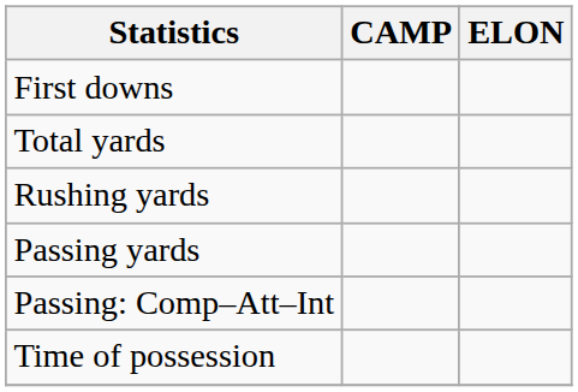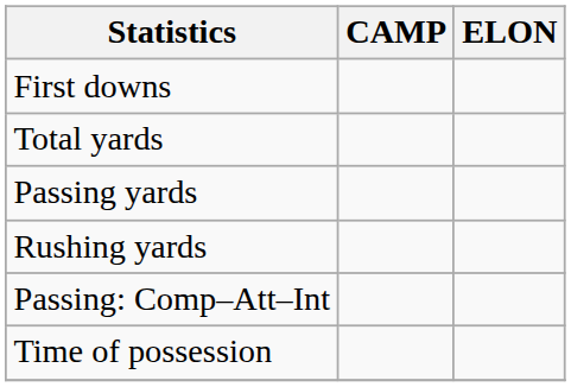 <table class="wikitable" style="float: left;">
 <tr>
 <th>Statistics</th>
 <th>CAMP</th>
 <th>ELON</th>
 </tr>
 <tr>
 <td>First downs</td>
 <td></td>
 <td></td>
 </tr>
 <tr>
 <td>Total yards</td>
 <td></td>
 <td></td>
 </tr>
 <tr>
-<td>Rushing yards</td>
+<td>Passing yards</td>
 <td></td>
 <td></td>
 </tr>
 <tr>
-<td>Passing yards</td>
+<td>Rushing yards</td>
 <td></td>
 <td></td>
 </tr>
 <tr>
 <td>Passing: Comp–Att–Int</td>
 <td></td>
 <td></td>
 </tr>
 <tr>
 <td>Time of possession</td>
 <td></td>
 <td></td>
 </tr>
 <tr>
 </tr>
 </table>
